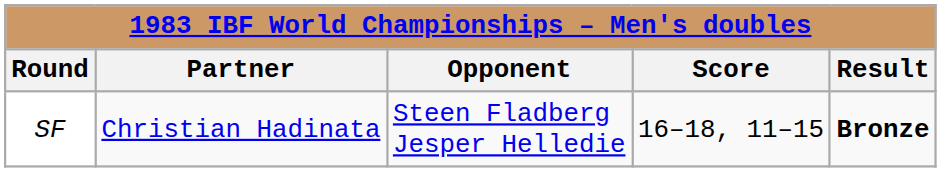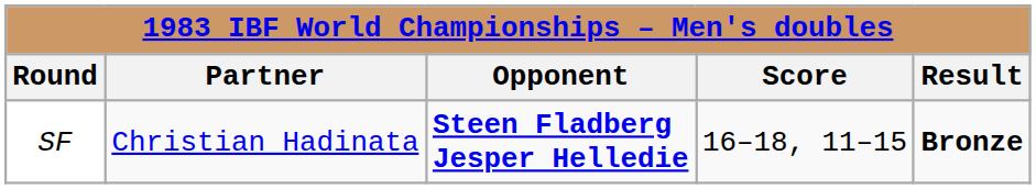 <table class="wikitable" style="font-size: 90%; text-align: center">
 <tr>
 <th colspan=5 style="background:#CC9966;"><a href='#'>1983 IBF World Championships – Men's doubles</a></th>
 </tr>
 <tr>
 <th>Round</th>
 <th>Partner</th>
 <th>Opponent</th>
 <th>Score</th>
 <th>Result</th>
 </tr>
 <tr>
 <td style="text-align:center; background:white"><em>SF</em></td>
 <td align="left"> <a href='#'>Christian Hadinata</a></td>
-<td align="left"> <a href='#'>Steen Fladberg</a> <br> <a href='#'>Jesper Helledie</a></td>
+<td align="left"><strong> <a href='#'>Steen Fladberg</a> <br> <a href='#'>Jesper Helledie</a></strong></td>
 <td align="left">16–18, 11–15</td>
 <td align="center"> <strong>Bronze</strong></td>
 </tr>
 </table>
